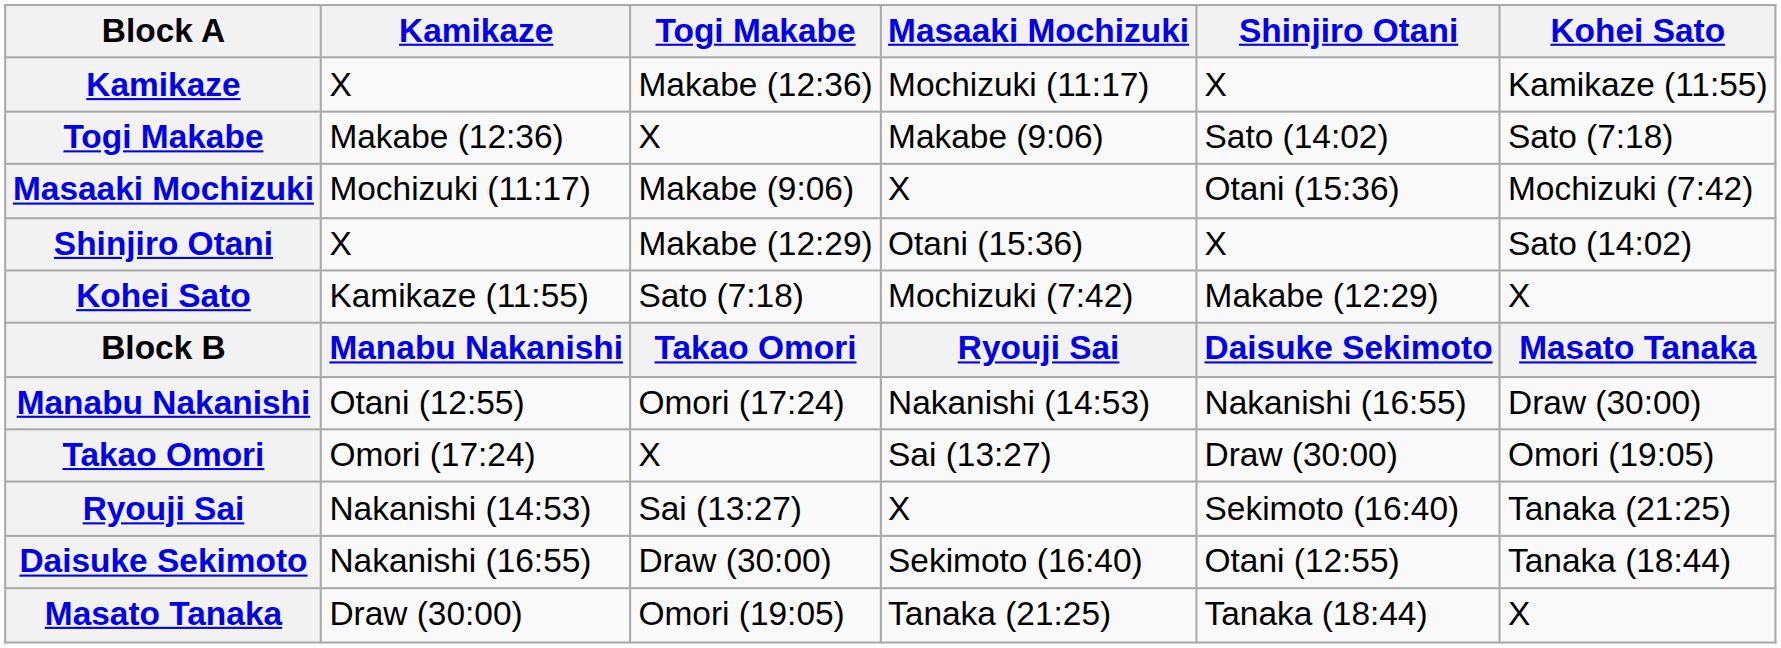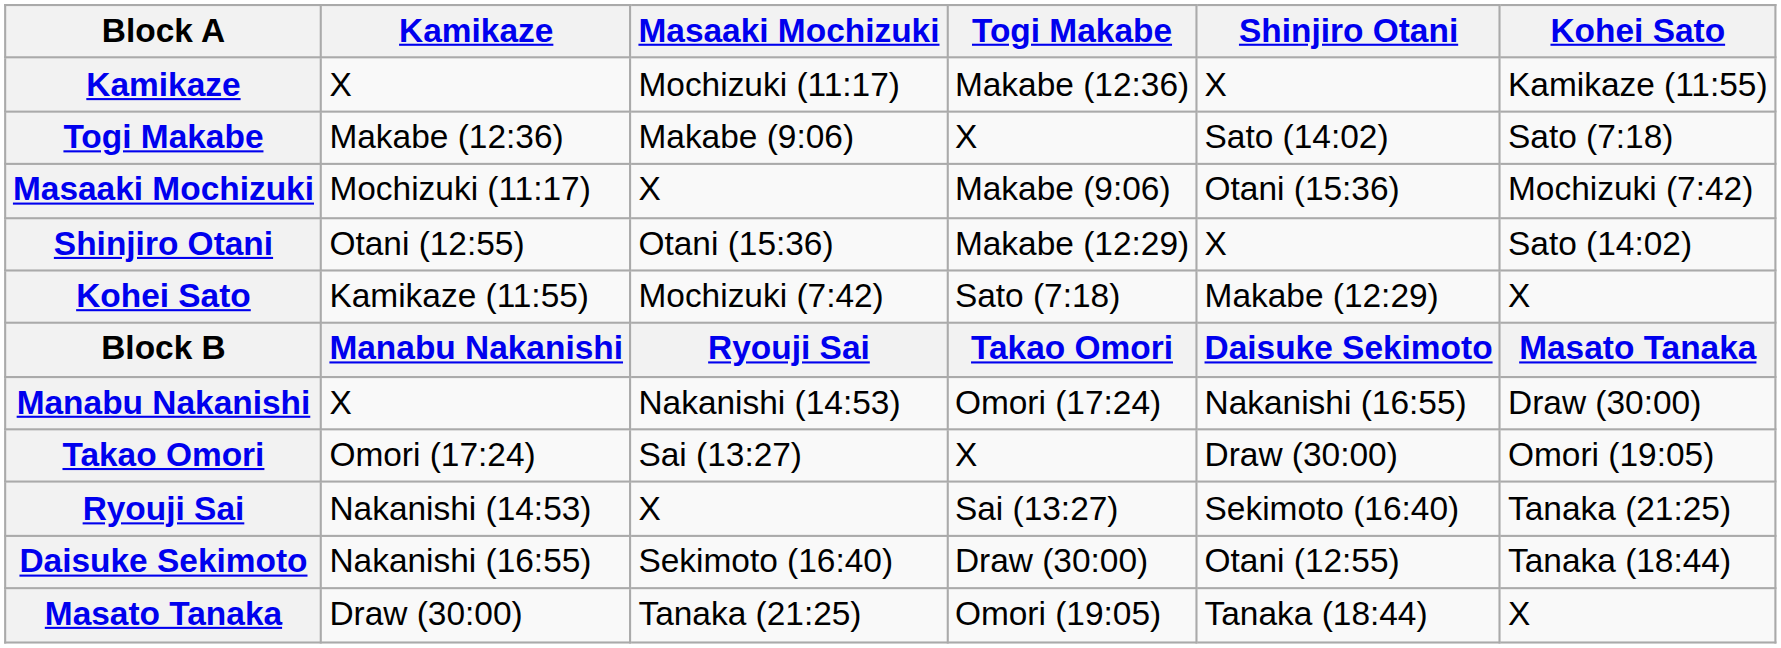 <table class="wikitable" style="margin: 1em auto 1em auto">
 <tr>
 <th>Block A</th>
 <th><a href='#'>Kamikaze</a></th>
+<th><a href='#'>Masaaki Mochizuki</a></th>
 <th><a href='#'>Togi Makabe</a></th>
-<th><a href='#'>Masaaki Mochizuki</a></th>
 <th><a href='#'>Shinjiro Otani</a></th>
 <th><a href='#'>Kohei Sato</a></th>
 </tr>
 <tr>
 <th><a href='#'>Kamikaze</a></th>
 <td>X</td>
+<td>Mochizuki (11:17)</td>
 <td>Makabe (12:36)</td>
-<td>Mochizuki (11:17)</td>
 <td>X</td>
 <td>Kamikaze (11:55)</td>
 </tr>
 <tr>
 <th><a href='#'>Togi Makabe</a></th>
 <td>Makabe (12:36)</td>
+<td>Makabe (9:06)</td>
 <td>X</td>
-<td>Makabe (9:06)</td>
 <td>Sato (14:02)</td>
 <td>Sato (7:18)</td>
 </tr>
 <tr>
 <th><a href='#'>Masaaki Mochizuki</a></th>
 <td>Mochizuki (11:17)</td>
+<td>X</td>
 <td>Makabe (9:06)</td>
-<td>X</td>
 <td>Otani (15:36)</td>
 <td>Mochizuki (7:42)</td>
 </tr>
 <tr>
 <th><a href='#'>Shinjiro Otani</a></th>
-<td>X</td>
+<td>Otani (12:55)</td>
+<td>Otani (15:36)</td>
 <td>Makabe (12:29)</td>
-<td>Otani (15:36)</td>
 <td>X</td>
 <td>Sato (14:02)</td>
 </tr>
 <tr>
 <th><a href='#'>Kohei Sato</a></th>
 <td>Kamikaze (11:55)</td>
+<td>Mochizuki (7:42)</td>
 <td>Sato (7:18)</td>
-<td>Mochizuki (7:42)</td>
 <td>Makabe (12:29)</td>
 <td>X</td>
 </tr>
 <tr>
 <th>Block B</th>
 <th><a href='#'>Manabu Nakanishi</a></th>
+<th><a href='#'>Ryouji Sai</a></th>
 <th><a href='#'>Takao Omori</a></th>
-<th><a href='#'>Ryouji Sai</a></th>
 <th><a href='#'>Daisuke Sekimoto</a></th>
 <th><a href='#'>Masato Tanaka</a></th>
 </tr>
 <tr>
 <th><a href='#'>Manabu Nakanishi</a></th>
-<td>Otani (12:55)</td>
+<td>X</td>
+<td>Nakanishi (14:53)</td>
 <td>Omori (17:24)</td>
-<td>Nakanishi (14:53)</td>
 <td>Nakanishi (16:55)</td>
 <td>Draw (30:00)</td>
 </tr>
 <tr>
 <th><a href='#'>Takao Omori</a></th>
 <td>Omori (17:24)</td>
+<td>Sai (13:27)</td>
 <td>X</td>
-<td>Sai (13:27)</td>
 <td>Draw (30:00)</td>
 <td>Omori (19:05)</td>
 </tr>
 <tr>
 <th><a href='#'>Ryouji Sai</a></th>
 <td>Nakanishi (14:53)</td>
+<td>X</td>
 <td>Sai (13:27)</td>
-<td>X</td>
 <td>Sekimoto (16:40)</td>
 <td>Tanaka (21:25)</td>
 </tr>
 <tr>
 <th><a href='#'>Daisuke Sekimoto</a></th>
 <td>Nakanishi (16:55)</td>
+<td>Sekimoto (16:40)</td>
 <td>Draw (30:00)</td>
-<td>Sekimoto (16:40)</td>
 <td>Otani (12:55)</td>
 <td>Tanaka (18:44)</td>
 </tr>
 <tr>
 <th><a href='#'>Masato Tanaka</a></th>
 <td>Draw (30:00)</td>
+<td>Tanaka (21:25)</td>
 <td>Omori (19:05)</td>
-<td>Tanaka (21:25)</td>
 <td>Tanaka (18:44)</td>
 <td>X</td>
 </tr>
 </table>
